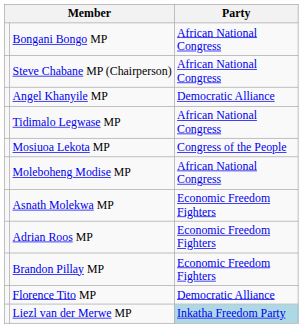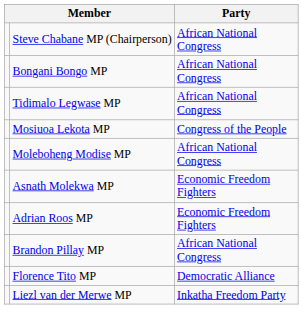 <table class="wikitable">
 <tr>
 <th width="160px" colspan="2" valign="top">Member</th>
 <th width="160px" valign="top">Party</th>
-</tr>
-<tr>
-<td></td>
-<td><a href='#'>Bongani Bongo</a> MP</td>
-<td><a href='#'>African National Congress</a></td>
 </tr>
 <tr>
 <td></td>
 <td><a href='#'>Steve Chabane</a> MP (Chairperson)</td>
 <td><a href='#'>African National Congress</a></td>
 </tr>
 <tr>
 <td></td>
-<td><a href='#'>Angel Khanyile</a> MP</td>
-<td><a href='#'>Democratic Alliance</a></td>
+<td><a href='#'>Bongani Bongo</a> MP</td>
+<td><a href='#'>African National Congress</a></td>
 </tr>
 <tr>
 <td></td>
 <td><a href='#'>Tidimalo Legwase</a> MP</td>
 <td><a href='#'>African National Congress</a></td>
 </tr>
 <tr>
 <td></td>
 <td><a href='#'>Mosiuoa Lekota</a> MP</td>
 <td><a href='#'>Congress of the People</a></td>
 </tr>
 <tr>
 <td></td>
 <td><a href='#'>Moleboheng Modise</a> MP</td>
 <td><a href='#'>African National Congress</a></td>
 </tr>
 <tr>
 <td></td>
 <td><a href='#'>Asnath Molekwa</a> MP</td>
 <td><a href='#'>Economic Freedom Fighters</a></td>
 </tr>
 <tr>
 <td></td>
 <td><a href='#'>Adrian Roos</a> MP</td>
 <td><a href='#'>Economic Freedom Fighters</a></td>
 </tr>
 <tr>
 <td></td>
 <td><a href='#'>Brandon Pillay</a> MP</td>
-<td><a href='#'>Economic Freedom Fighters</a></td>
+<td><a href='#'>African National Congress</a></td>
 </tr>
 <tr>
 <td></td>
 <td><a href='#'>Florence Tito</a> MP</td>
 <td><a href='#'>Democratic Alliance</a></td>
 </tr>
 <tr>
 <td></td>
 <td><a href='#'>Liezl van der Merwe</a> MP</td>
-<td style="background: lightblue;"><a href='#'>Inkatha Freedom Party</a></td>
+<td><a href='#'>Inkatha Freedom Party</a></td>
 </tr>
 </table>
